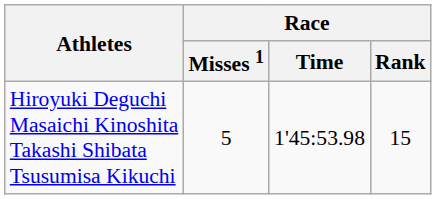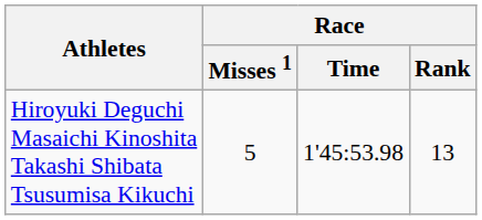 <table class="wikitable" border="1" style="font-size:90%">
 <tr>
 <th rowspan=2>Athletes</th>
 <th colspan=3>Race</th>
 </tr>
 <tr>
 <th>Misses <sup>1</sup></th>
 <th>Time</th>
 <th>Rank</th>
 </tr>
 <tr>
 <td><a href='#'>Hiroyuki Deguchi</a><br><a href='#'>Masaichi Kinoshita</a><br><a href='#'>Takashi Shibata</a><br><a href='#'>Tsusumisa Kikuchi</a></td>
 <td align=center>5</td>
 <td align=center>1'45:53.98</td>
-<td align=center>15</td>
+<td align=center>13</td>
 </tr>
 </table>
